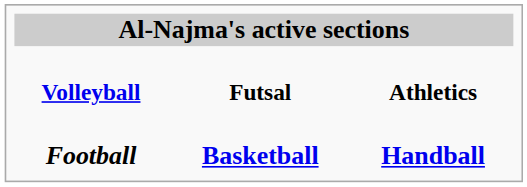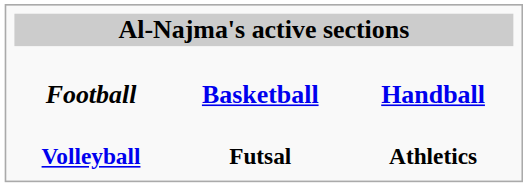 <table class="infobox" style="width: 20em; font-size: 95%em;align: center">
 <tr bgcolor="#cccccc" style="text-align: center">
 <th colspan="3">Al-Najma's active sections</th>
+</tr>
+<tr style="text-align: center">
+<td><br><strong><em>Football</em></strong></td>
+<td><br><strong><a href='#'>Basketball</a></strong></td>
+<td><br><strong><a href='#'>Handball</a></strong></td>
 </tr>
 <tr style="font-size: 90%; text-align: center">
 <td><br><strong><a href='#'>Volleyball</a></strong></td>
 <td><br><strong>Futsal</strong></td>
 <td><br><strong>Athletics</strong></td>
 </tr>
-<tr style="text-align: center">
-<td><br><strong><em>Football</em></strong></td>
-<td><br><strong><a href='#'>Basketball</a></strong></td>
-<td><br><strong><a href='#'>Handball</a></strong></td>
-</tr>
 </table>
